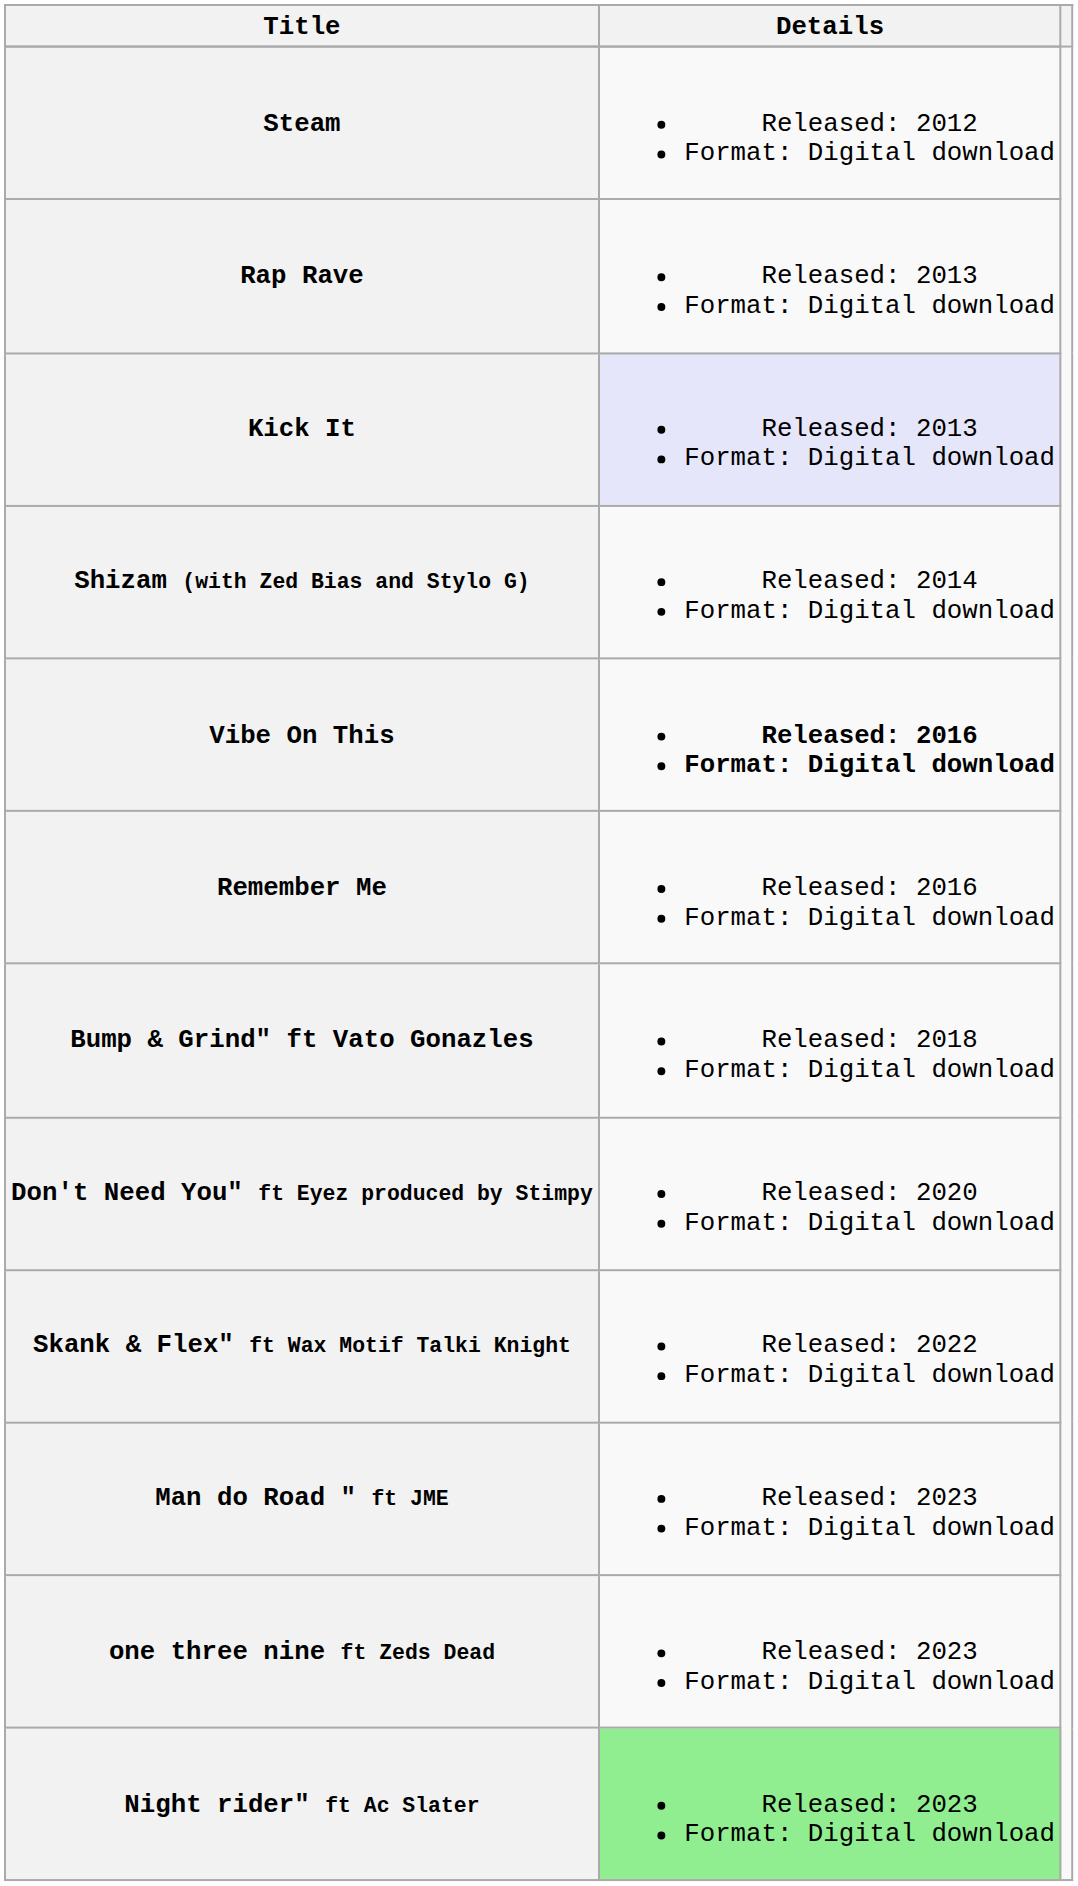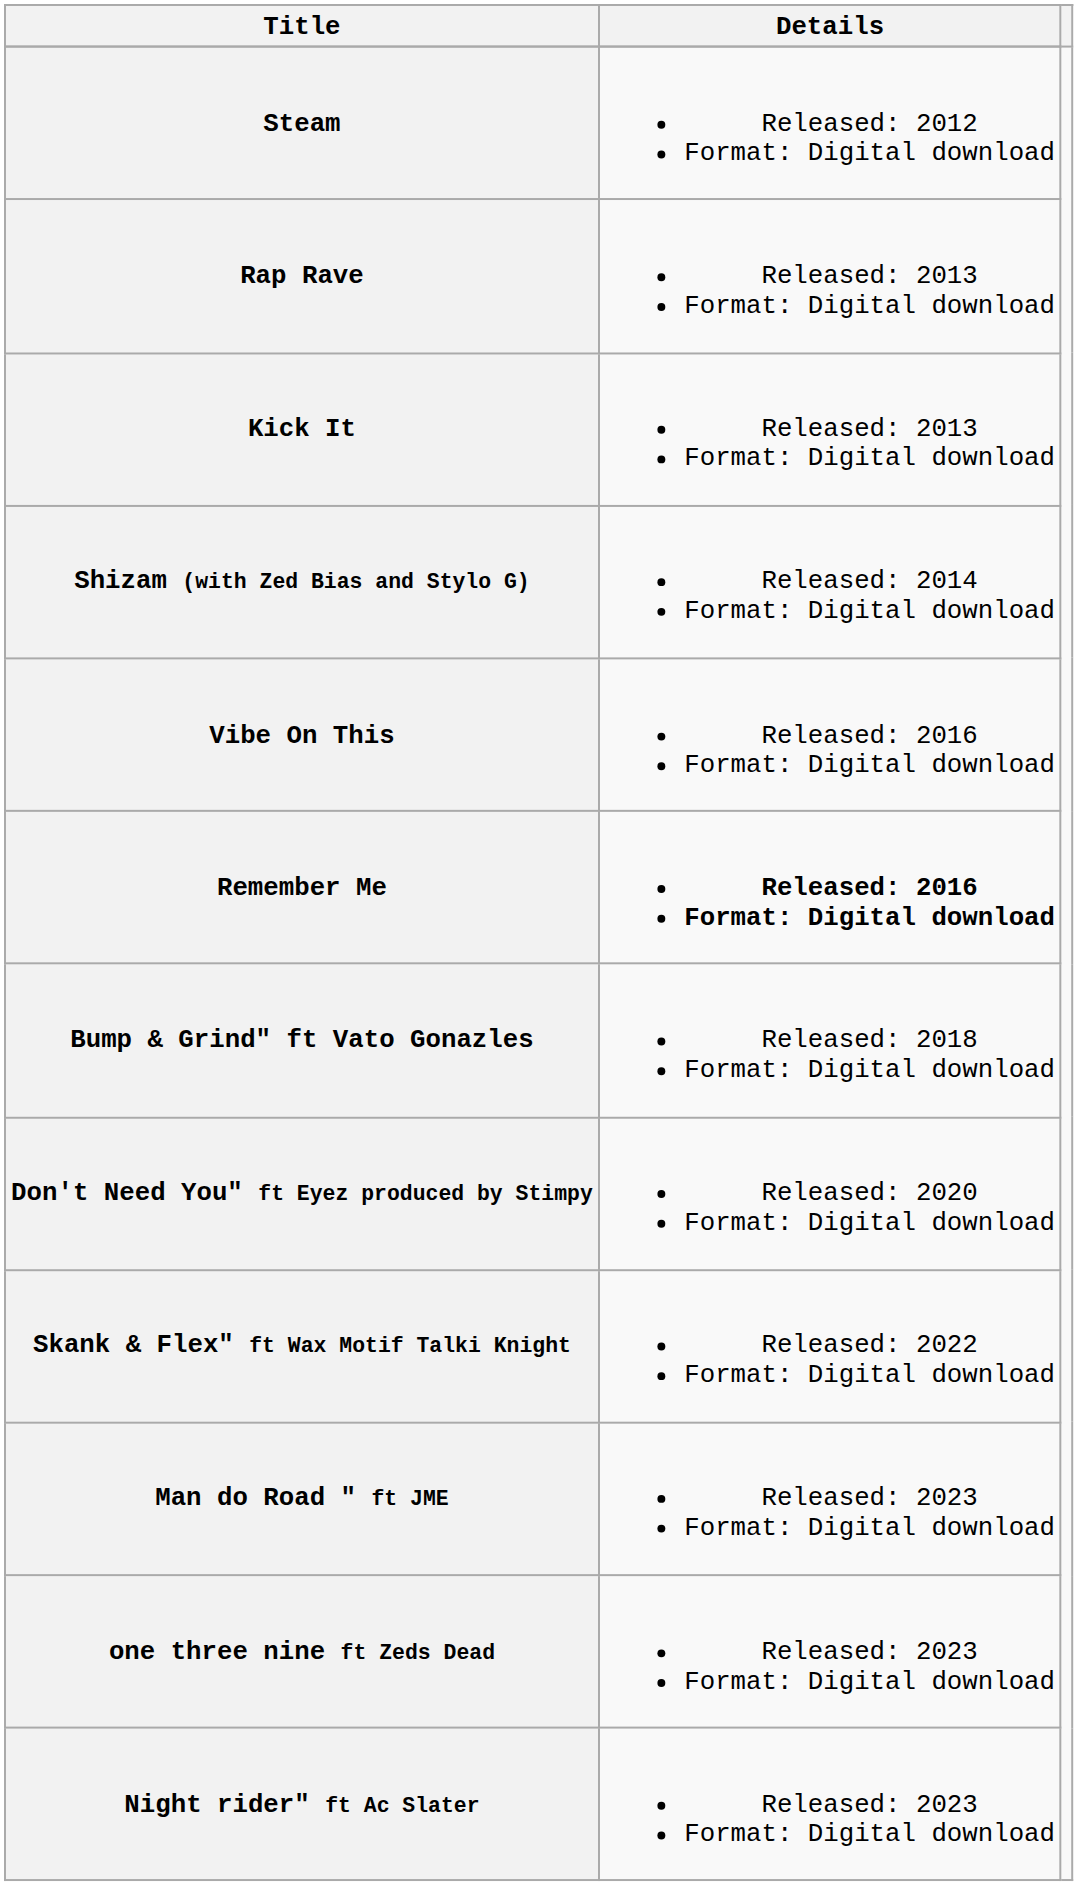 <table class="wikitable plainrowheaders" style="text-align:center;">
 <tr>
 <th scope="col" rowspan="2">Title</th>
 <th scope="col" rowspan="2">Details</th>
 </tr>
 <tr>
 <th scope="col" style="width:;font-size:85%;"></th>
 </tr>
 <tr>
 </tr>
 <tr>
 <th scope="row">Steam</th>
 <td><br><ul><li>Released: 2012</li><li>Format: Digital download</li></ul></td>
 </tr>
 <tr>
 <th scope="row">Rap Rave</th>
 <td><br><ul><li>Released: 2013</li><li>Format: Digital download</li></ul></td>
 </tr>
 <tr>
 <th scope="row">Kick It</th>
-<td style="background: lavender;"><br><ul><li>Released: 2013</li><li>Format: Digital download</li></ul></td>
+<td><br><ul><li>Released: 2013</li><li>Format: Digital download</li></ul></td>
 </tr>
 <tr>
 <th scope="row">Shizam <small>(with Zed Bias and Stylo G)</small></th>
 <td><br><ul><li>Released: 2014</li><li>Format: Digital download</li></ul></td>
 </tr>
 <tr>
 <th scope="row">Vibe On This</th>
-<td><strong><br><ul><li>Released: 2016</li><li>Format: Digital download</li></ul></strong></td>
+<td><br><ul><li>Released: 2016</li><li>Format: Digital download</li></ul></td>
 </tr>
 <tr>
 <th scope="row">Remember Me</th>
-<td><br><ul><li>Released: 2016</li><li>Format: Digital download</li></ul></td>
+<td><strong><br><ul><li>Released: 2016</li><li>Format: Digital download</li></ul></strong></td>
 </tr>
 <tr>
 <th scope="row">Bump & Grind" ft Vato Gonazles</th>
 <td><br><ul><li>Released: 2018</li><li>Format: Digital download</li></ul></td>
 </tr>
 <tr>
 <th scope="row">Don't Need You" <small>ft Eyez produced by Stimpy</small></th>
 <td><br><ul><li>Released: 2020</li><li>Format: Digital download</li></ul></td>
 </tr>
 <tr>
 <th scope="row">Skank & Flex" <small>ft Wax Motif Talki Knight</small></th>
 <td><br><ul><li>Released: 2022</li><li>Format: Digital download</li></ul></td>
 </tr>
 <tr>
 <th scope="row">Man do Road " <small>ft JME </small></th>
 <td><br><ul><li>Released: 2023</li><li>Format: Digital download</li></ul></td>
 </tr>
 <tr>
 <th scope="row">one three nine <small>ft Zeds Dead </small></th>
 <td><br><ul><li>Released: 2023</li><li>Format: Digital download</li></ul></td>
 </tr>
 <tr>
 <th scope="row">Night rider" <small>ft Ac Slater </small></th>
-<td style="background: lightgreen;"><br><ul><li>Released: 2023</li><li>Format: Digital download</li></ul></td>
+<td><br><ul><li>Released: 2023</li><li>Format: Digital download</li></ul></td>
 </tr>
 </table>
